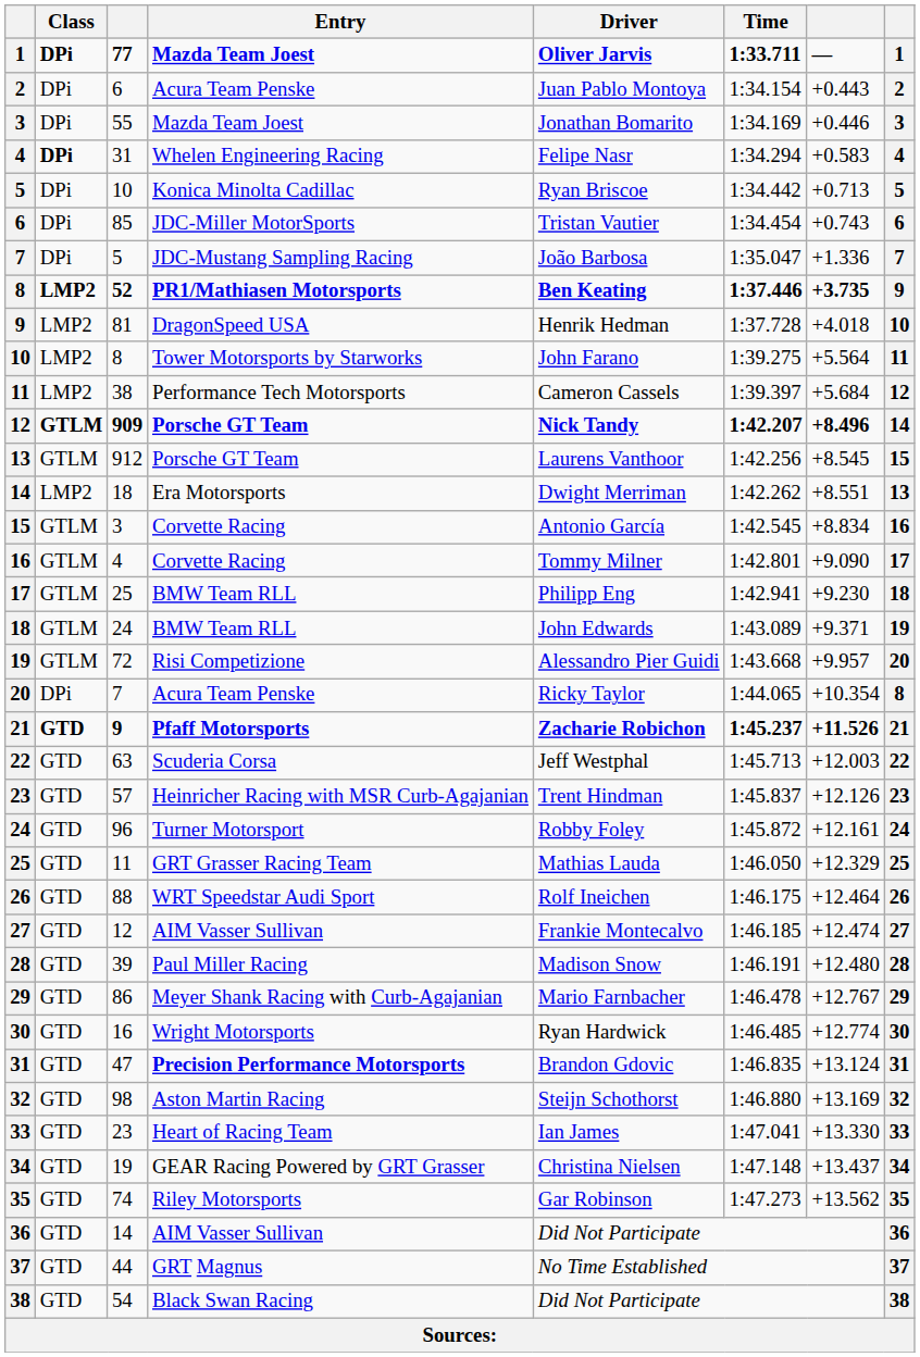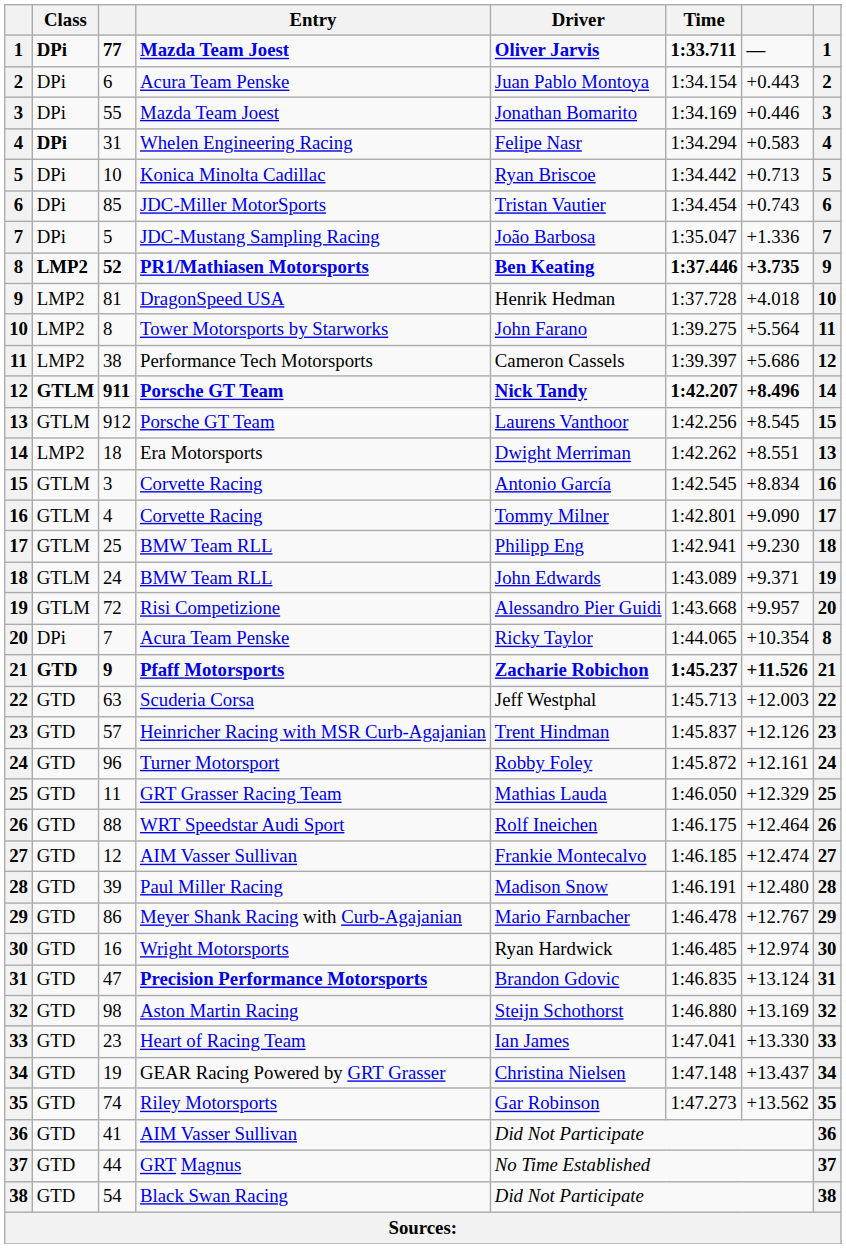 <table class="wikitable" style="font-size: 85%;">
 <tr>
 <th scope="col"></th>
 <th scope="col">Class</th>
 <th scope="col"></th>
 <th scope="col">Entry</th>
 <th scope="col">Driver</th>
 <th scope="col">Time</th>
 <th scope="col"></th>
 <th scope="col"></th>
 </tr>
 <tr style="font-weight:bold">
 <th scope="row">1</th>
 <td>DPi</td>
 <td>77</td>
 <td> <a href='#'>Mazda Team Joest</a></td>
 <td> <a href='#'>Oliver Jarvis</a></td>
 <td>1:33.711</td>
 <td>—</td>
 <th>1</th>
 </tr>
 <tr>
 <th scope="row">2</th>
 <td>DPi</td>
 <td>6</td>
 <td> <a href='#'>Acura Team Penske</a></td>
 <td> <a href='#'>Juan Pablo Montoya</a></td>
 <td>1:34.154</td>
 <td>+0.443</td>
 <th>2</th>
 </tr>
 <tr>
 <th scope="row">3</th>
 <td>DPi</td>
 <td>55</td>
 <td> <a href='#'>Mazda Team Joest</a></td>
 <td> <a href='#'>Jonathan Bomarito</a></td>
 <td>1:34.169</td>
 <td>+0.446</td>
 <th>3</th>
 </tr>
 <tr>
 <th scope="row">4</th>
 <td><strong>DPi</strong></td>
 <td>31</td>
 <td> <a href='#'>Whelen Engineering Racing</a></td>
 <td> <a href='#'>Felipe Nasr</a></td>
 <td>1:34.294</td>
 <td>+0.583</td>
 <th>4</th>
 </tr>
 <tr>
 <th scope="row">5</th>
 <td>DPi</td>
 <td>10</td>
 <td> <a href='#'>Konica Minolta Cadillac</a></td>
 <td> <a href='#'>Ryan Briscoe</a></td>
 <td>1:34.442</td>
 <td>+0.713</td>
 <th>5</th>
 </tr>
 <tr>
 <th scope="row">6</th>
 <td>DPi</td>
 <td>85</td>
 <td> <a href='#'>JDC-Miller MotorSports</a></td>
 <td> <a href='#'>Tristan Vautier</a></td>
 <td>1:34.454</td>
 <td>+0.743</td>
 <th>6</th>
 </tr>
 <tr>
 <th scope="row">7</th>
 <td>DPi</td>
 <td>5</td>
 <td> <a href='#'>JDC-Mustang Sampling Racing</a></td>
 <td> <a href='#'>João Barbosa</a></td>
 <td>1:35.047</td>
 <td>+1.336</td>
 <th>7</th>
 </tr>
 <tr style="font-weight:bold">
 <th scope="row">8</th>
 <td>LMP2</td>
 <td>52</td>
 <td> <a href='#'>PR1/Mathiasen Motorsports</a></td>
 <td> <a href='#'>Ben Keating</a></td>
 <td>1:37.446</td>
 <td>+3.735</td>
 <th>9</th>
 </tr>
 <tr>
 <th scope="row">9</th>
 <td>LMP2</td>
 <td>81</td>
 <td> <a href='#'>DragonSpeed USA</a></td>
 <td> Henrik Hedman</td>
 <td>1:37.728</td>
 <td>+4.018</td>
 <th>10</th>
 </tr>
 <tr>
 <th scope="row">10</th>
 <td>LMP2</td>
 <td>8</td>
 <td> <a href='#'>Tower Motorsports by Starworks</a></td>
 <td> <a href='#'>John Farano</a></td>
 <td>1:39.275</td>
 <td>+5.564</td>
 <th>11</th>
 </tr>
 <tr>
 <th scope="row">11</th>
 <td>LMP2</td>
 <td>38</td>
 <td> Performance Tech Motorsports</td>
 <td> Cameron Cassels</td>
 <td>1:39.397</td>
-<td>+5.684</td>
+<td>+5.686</td>
 <th>12</th>
 </tr>
 <tr style="font-weight:bold">
 <th scope="row">12</th>
 <td>GTLM</td>
-<td>909</td>
+<td>911</td>
 <td> <a href='#'>Porsche GT Team</a></td>
 <td> <a href='#'>Nick Tandy</a></td>
 <td>1:42.207</td>
 <td>+8.496</td>
 <th>14</th>
 </tr>
 <tr>
 <th scope="row">13</th>
 <td>GTLM</td>
 <td>912</td>
 <td> <a href='#'>Porsche GT Team</a></td>
 <td> <a href='#'>Laurens Vanthoor</a></td>
 <td>1:42.256</td>
 <td>+8.545</td>
 <th>15</th>
 </tr>
 <tr>
 <th scope="row">14</th>
 <td>LMP2</td>
 <td>18</td>
 <td> Era Motorsports</td>
 <td> <a href='#'>Dwight Merriman</a></td>
 <td>1:42.262</td>
 <td>+8.551</td>
 <th>13</th>
 </tr>
 <tr>
 <th scope="row">15</th>
 <td>GTLM</td>
 <td>3</td>
 <td> <a href='#'>Corvette Racing</a></td>
 <td> <a href='#'>Antonio García</a></td>
 <td>1:42.545</td>
 <td>+8.834</td>
 <th>16</th>
 </tr>
 <tr>
 <th scope="row">16</th>
 <td>GTLM</td>
 <td>4</td>
 <td> <a href='#'>Corvette Racing</a></td>
 <td> <a href='#'>Tommy Milner</a></td>
 <td>1:42.801</td>
 <td>+9.090</td>
 <th>17</th>
 </tr>
 <tr>
 <th scope="row">17</th>
 <td>GTLM</td>
 <td>25</td>
 <td> <a href='#'>BMW Team RLL</a></td>
 <td> <a href='#'>Philipp Eng</a></td>
 <td>1:42.941</td>
 <td>+9.230</td>
 <th>18</th>
 </tr>
 <tr>
 <th scope="row">18</th>
 <td>GTLM</td>
 <td>24</td>
 <td> <a href='#'>BMW Team RLL</a></td>
 <td> <a href='#'>John Edwards</a></td>
 <td>1:43.089</td>
 <td>+9.371</td>
 <th>19</th>
 </tr>
 <tr>
 <th scope="row">19</th>
 <td>GTLM</td>
 <td>72</td>
 <td> <a href='#'>Risi Competizione</a></td>
 <td> <a href='#'>Alessandro Pier Guidi</a></td>
 <td>1:43.668</td>
 <td>+9.957</td>
 <th>20</th>
 </tr>
 <tr>
 <th scope="row">20</th>
 <td>DPi</td>
 <td>7</td>
 <td> <a href='#'>Acura Team Penske</a></td>
 <td> <a href='#'>Ricky Taylor</a></td>
 <td>1:44.065</td>
 <td>+10.354</td>
 <th>8</th>
 </tr>
 <tr style="font-weight:bold">
 <th scope="row">21</th>
 <td>GTD</td>
 <td>9</td>
 <td> <a href='#'>Pfaff Motorsports</a></td>
 <td> <a href='#'>Zacharie Robichon</a></td>
 <td>1:45.237</td>
 <td>+11.526</td>
 <th>21</th>
 </tr>
 <tr>
 <th scope="row">22</th>
 <td>GTD</td>
 <td>63</td>
 <td> <a href='#'>Scuderia Corsa</a></td>
 <td> Jeff Westphal</td>
 <td>1:45.713</td>
 <td>+12.003</td>
 <th>22</th>
 </tr>
 <tr>
 <th scope="row">23</th>
 <td>GTD</td>
 <td>57</td>
 <td> <a href='#'>Heinricher Racing with MSR Curb-Agajanian</a></td>
 <td> <a href='#'>Trent Hindman</a></td>
 <td>1:45.837</td>
 <td>+12.126</td>
 <th>23</th>
 </tr>
 <tr>
 <th scope="row">24</th>
 <td>GTD</td>
 <td>96</td>
 <td> <a href='#'>Turner Motorsport</a></td>
 <td> <a href='#'>Robby Foley</a></td>
 <td>1:45.872</td>
 <td>+12.161</td>
 <th>24</th>
 </tr>
 <tr>
 <th scope="row">25</th>
 <td>GTD</td>
 <td>11</td>
 <td> <a href='#'>GRT Grasser Racing Team</a></td>
 <td> <a href='#'>Mathias Lauda</a></td>
 <td>1:46.050</td>
 <td>+12.329</td>
 <th>25</th>
 </tr>
 <tr>
 <th scope="row">26</th>
 <td>GTD</td>
 <td>88</td>
 <td> <a href='#'>WRT Speedstar Audi Sport</a></td>
 <td> <a href='#'>Rolf Ineichen</a></td>
 <td>1:46.175</td>
 <td>+12.464</td>
 <th>26</th>
 </tr>
 <tr>
 <th scope="row">27</th>
 <td>GTD</td>
 <td>12</td>
 <td> <a href='#'>AIM Vasser Sullivan</a></td>
 <td> <a href='#'>Frankie Montecalvo</a></td>
 <td>1:46.185</td>
 <td>+12.474</td>
 <th>27</th>
 </tr>
 <tr>
 <th scope="row">28</th>
 <td>GTD</td>
 <td>39</td>
 <td> <a href='#'>Paul Miller Racing</a></td>
 <td> <a href='#'>Madison Snow</a></td>
 <td>1:46.191</td>
 <td>+12.480</td>
 <th>28</th>
 </tr>
 <tr>
 <th scope="row">29</th>
 <td>GTD</td>
 <td>86</td>
 <td> <a href='#'>Meyer Shank Racing</a> with <a href='#'>Curb-Agajanian</a></td>
 <td> <a href='#'>Mario Farnbacher</a></td>
 <td>1:46.478</td>
 <td>+12.767</td>
 <th>29</th>
 </tr>
 <tr>
 <th scope="row">30</th>
 <td>GTD</td>
 <td>16</td>
 <td> <a href='#'>Wright Motorsports</a></td>
 <td> Ryan Hardwick</td>
 <td>1:46.485</td>
-<td>+12.774</td>
+<td>+12.974</td>
 <th>30</th>
 </tr>
 <tr>
 <th scope="row">31</th>
 <td>GTD</td>
 <td>47</td>
 <td><strong> <a href='#'>Precision Performance Motorsports</a></strong></td>
 <td> <a href='#'>Brandon Gdovic</a></td>
 <td>1:46.835</td>
 <td>+13.124</td>
 <th>31</th>
 </tr>
 <tr>
 <th scope="row">32</th>
 <td>GTD</td>
 <td>98</td>
 <td> <a href='#'>Aston Martin Racing</a></td>
 <td> <a href='#'>Steijn Schothorst</a></td>
 <td>1:46.880</td>
 <td>+13.169</td>
 <th>32</th>
 </tr>
 <tr>
 <th scope="row">33</th>
 <td>GTD</td>
 <td>23</td>
 <td> <a href='#'>Heart of Racing Team</a></td>
 <td> <a href='#'>Ian James</a></td>
 <td>1:47.041</td>
 <td>+13.330</td>
 <th>33</th>
 </tr>
 <tr>
 <th scope="row">34</th>
 <td>GTD</td>
 <td>19</td>
 <td> GEAR Racing Powered by <a href='#'>GRT Grasser</a></td>
 <td> <a href='#'>Christina Nielsen</a></td>
 <td>1:47.148</td>
 <td>+13.437</td>
 <th>34</th>
 </tr>
 <tr>
 <th scope="row">35</th>
 <td>GTD</td>
 <td>74</td>
 <td> <a href='#'>Riley Motorsports</a></td>
 <td> <a href='#'>Gar Robinson</a></td>
 <td>1:47.273</td>
 <td>+13.562</td>
 <th>35</th>
 </tr>
 <tr>
 <th scope="row">36</th>
 <td>GTD</td>
-<td>14</td>
+<td>41</td>
 <td> <a href='#'>AIM Vasser Sullivan</a></td>
 <td colspan="3"><em>Did Not Participate</em></td>
 <th>36</th>
 </tr>
 <tr>
 <th scope="row">37</th>
 <td>GTD</td>
 <td>44</td>
 <td> <a href='#'>GRT</a> <a href='#'>Magnus</a></td>
 <td colspan="3"><em>No Time Established</em></td>
 <th>37</th>
 </tr>
 <tr>
 <th scope="row">38</th>
 <td>GTD</td>
 <td>54</td>
 <td> <a href='#'>Black Swan Racing</a></td>
 <td colspan="3"><em>Did Not Participate</em></td>
 <th>38</th>
 </tr>
 <tr>
 <th colspan="8">Sources:</th>
 </tr>
 </table>
